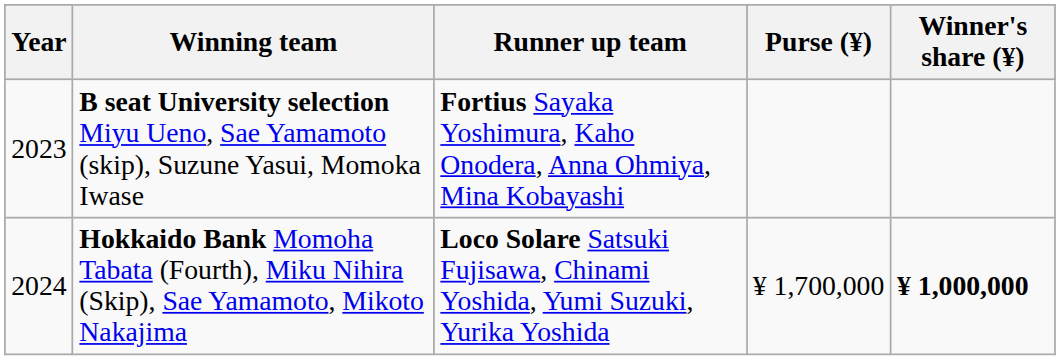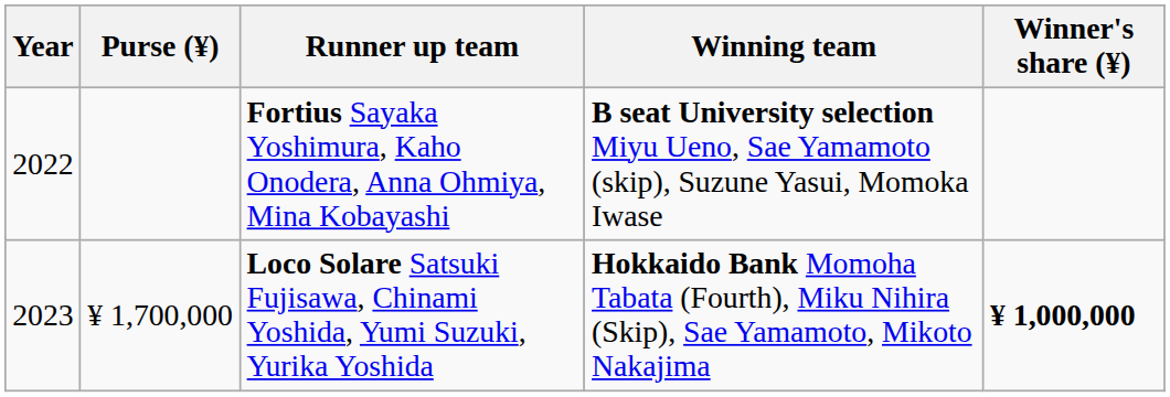 <table class="wikitable">
 <tr>
 <th scope="col">Year</th>
+<th scope="col">Purse (¥)</th>
+<th scope="col">Runner up team</th>
 <th scope="col">Winning team</th>
-<th scope="col">Runner up team</th>
-<th scope="col">Purse (¥)</th>
 <th scope="col">Winner's share (¥)</th>
 </tr>
 <tr>
-<td>2023</td>
+<td>2022</td>
+<td></td>
+<td> <strong>Fortius</strong> <a href='#'>Sayaka Yoshimura</a>, <a href='#'>Kaho Onodera</a>, <a href='#'>Anna Ohmiya</a>, <a href='#'>Mina Kobayashi</a></td>
 <td> <strong>B seat University selection</strong> <a href='#'>Miyu Ueno</a>, <a href='#'>Sae Yamamoto</a> (skip), Suzune Yasui, Momoka Iwase</td>
-<td> <strong>Fortius</strong> <a href='#'>Sayaka Yoshimura</a>, <a href='#'>Kaho Onodera</a>, <a href='#'>Anna Ohmiya</a>, <a href='#'>Mina Kobayashi</a></td>
-<td></td>
 <td></td>
 </tr>
 <tr>
-<td>2024</td>
+<td>2023</td>
+<td>¥ 1,700,000</td>
+<td> <strong>Loco Solare</strong> <a href='#'>Satsuki Fujisawa</a>, <a href='#'>Chinami Yoshida</a>, <a href='#'>Yumi Suzuki</a>, <a href='#'>Yurika Yoshida</a></td>
 <td> <strong>Hokkaido Bank</strong> <a href='#'>Momoha Tabata</a> (Fourth), <a href='#'>Miku Nihira</a> (Skip),  <a href='#'>Sae Yamamoto</a>, <a href='#'>Mikoto Nakajima</a></td>
-<td> <strong>Loco Solare</strong> <a href='#'>Satsuki Fujisawa</a>, <a href='#'>Chinami Yoshida</a>, <a href='#'>Yumi Suzuki</a>, <a href='#'>Yurika Yoshida</a></td>
-<td>¥ 1,700,000</td>
 <td><strong>¥ 1,000,000</strong></td>
 </tr>
 </table>
